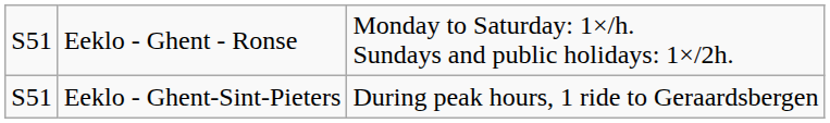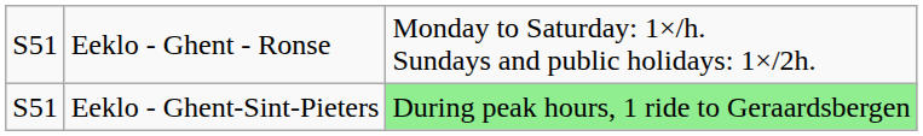 <table class="wikitable">
 <tr>
 <td>S51</td>
 <td>Eeklo - Ghent - Ronse</td>
 <td>Monday to Saturday: 1×/h.<br>Sundays and public holidays: 1×/2h.</td>
 </tr>
 <tr>
 <td>S51</td>
 <td>Eeklo - Ghent-Sint-Pieters</td>
-<td>During peak hours, 1 ride to Geraardsbergen</td>
+<td style="background: lightgreen;">During peak hours, 1 ride to Geraardsbergen</td>
 </tr>
 </table>
